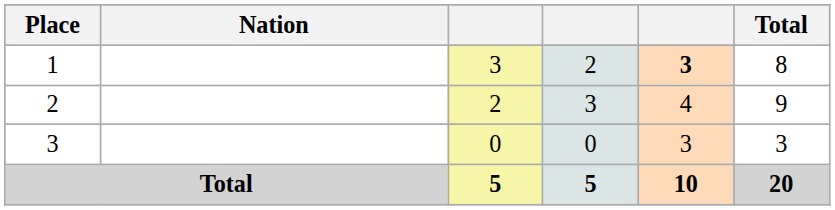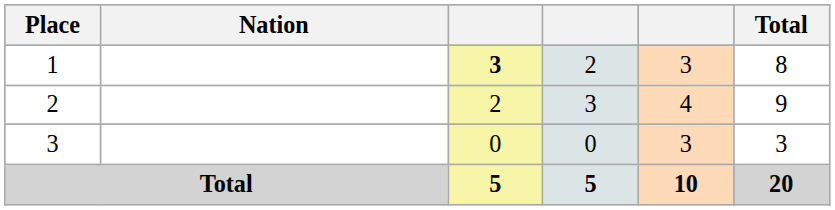 <table class=wikitable style="border:1px solid #AAAAAA;font-size:90%">
 <tr bgcolor="#EFEFEF">
 <th width=50>Place</th>
 <th width=200>Nation</th>
 <th width=50></th>
 <th width=50></th>
 <th width=50></th>
 <th width=50>Total</th>
 </tr>
 <tr align="center" valign="top" bgcolor="#FFFFFF">
 <td>1</td>
 <td align="left"></td>
-<td style="background:#F7F6A8;">3</td>
+<td style="background:#F7F6A8;"><strong>3</strong></td>
 <td style="background:#DCE5E5;">2</td>
-<td style="background:#FFDAB9;"><strong>3</strong></td>
+<td style="background:#FFDAB9;">3</td>
 <td>8</td>
 </tr>
 <tr align="center" valign="top" bgcolor="#FFFFFF">
 <td>2</td>
 <td align="left"></td>
 <td style="background:#F7F6A8;">2</td>
 <td style="background:#DCE5E5;">3</td>
 <td style="background:#FFDAB9;">4</td>
 <td>9</td>
 </tr>
 <tr align="center" valign="top" bgcolor="#FFFFFF">
 <td>3</td>
 <td align="left"></td>
 <td style="background:#F7F6A8;">0</td>
 <td style="background:#DCE5E5;">0</td>
 <td style="background:#FFDAB9;">3</td>
 <td>3</td>
 </tr>
 <tr align="center">
 <td colspan="2" bgcolor=D3D3D3><strong>Total</strong></td>
 <td style="background:#F7F6A8;"><strong>5</strong></td>
 <td style="background:#DCE5E5;"><strong>5</strong></td>
 <td style="background:#FFDAB9;"><strong>10</strong></td>
 <td bgcolor=D3D3D3><strong>20</strong></td>
 </tr>
 </table>
